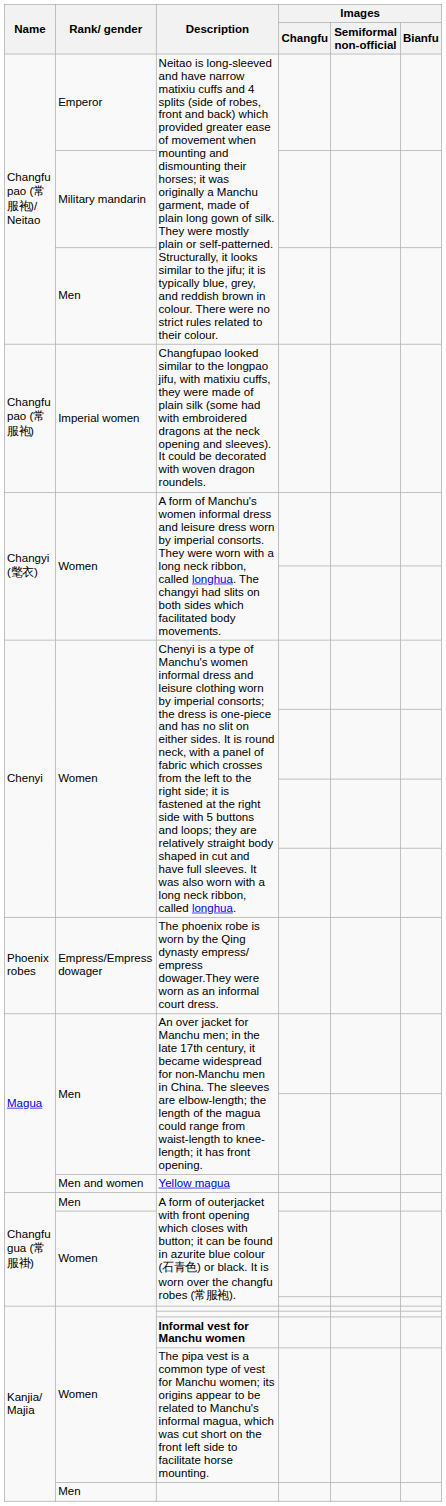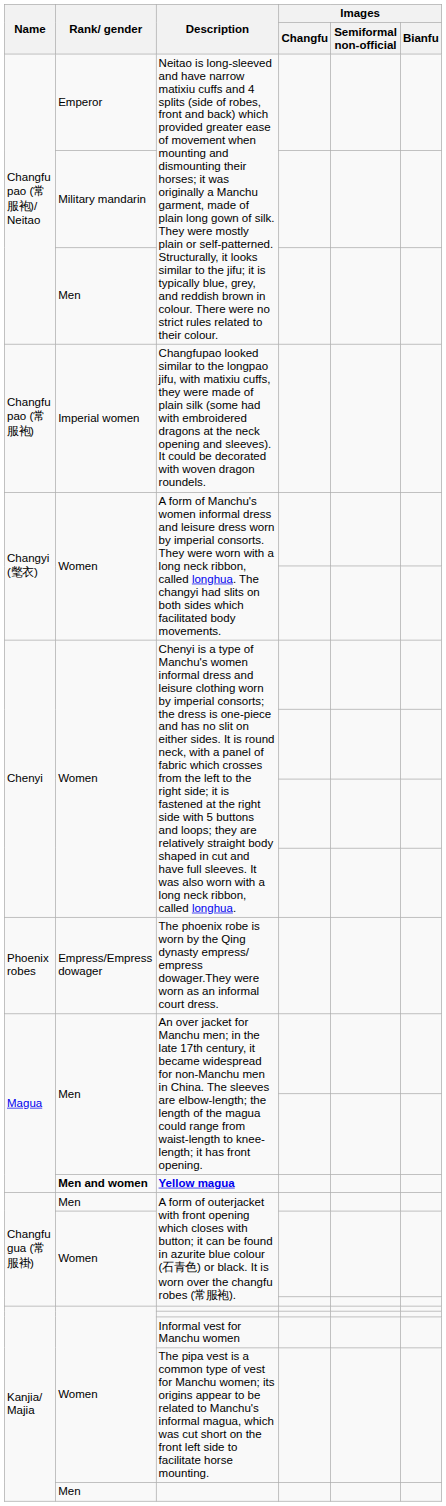 <table class="wikitable">
 <tr>
 <th rowspan="2">Name</th>
 <th rowspan="2">Rank/ gender</th>
 <th rowspan="2">Description</th>
 <th colspan="3">Images</th>
 </tr>
 <tr>
 <th>Changfu</th>
 <th>Semiformal non-official</th>
 <th>Bianfu</th>
 </tr>
 <tr>
 <td rowspan="3">Changfu pao (常服袍)/ Neitao</td>
 <td>Emperor</td>
 <td rowspan="3">Neitao is long-sleeved and have narrow matixiu cuffs and 4 splits (side of robes, front and back) which provided greater ease of movement when mounting and dismounting their horses; it was originally a Manchu garment, made of plain long gown of silk. They were mostly plain or self-patterned. Structurally, it looks similar to the jifu; it is typically blue, grey, and reddish brown in colour. There were no strict rules related to their colour.</td>
 <td></td>
 <td></td>
 <td></td>
 </tr>
 <tr>
 <td>Military mandarin</td>
 <td></td>
 <td></td>
 <td></td>
 </tr>
 <tr>
 <td>Men</td>
 <td></td>
 <td></td>
 <td></td>
 </tr>
 <tr>
 <td>Changfu pao (常服袍)</td>
 <td>Imperial women</td>
 <td>Changfupao looked similar to the longpao jifu, with matixiu cuffs, they were made of plain silk (some had with embroidered dragons at the neck opening and sleeves). It could be decorated with woven dragon roundels.</td>
 <td></td>
 <td></td>
 <td></td>
 </tr>
 <tr>
 <td rowspan="2">Changyi (氅衣)</td>
 <td rowspan="2">Women</td>
 <td rowspan="2">A form of Manchu's women informal dress and leisure dress worn by imperial consorts. They were worn with a long neck ribbon, called <a href='#'>longhua</a>. The changyi had slits on both sides which facilitated body movements.</td>
 <td></td>
 <td></td>
 <td></td>
 </tr>
 <tr>
 <td></td>
 <td></td>
 <td></td>
 </tr>
 <tr>
 <td rowspan="4">Chenyi</td>
 <td rowspan="4">Women</td>
 <td rowspan="4">Chenyi is a type of Manchu's women informal dress and leisure clothing worn by imperial consorts; the dress is one-piece and has no slit on either sides. It is round neck, with a panel of fabric which crosses from the left to the right side; it is fastened at the right side with 5 buttons and loops; they are relatively straight body shaped in cut and have full sleeves. It was also worn with a long neck ribbon, called <a href='#'>longhua</a>.</td>
 <td></td>
 <td></td>
 <td></td>
 </tr>
 <tr>
 <td></td>
 <td></td>
 <td></td>
 </tr>
 <tr>
 <td></td>
 <td></td>
 <td></td>
 </tr>
 <tr>
 <td></td>
 <td></td>
 <td></td>
 </tr>
 <tr>
 <td>Phoenix robes</td>
 <td>Empress/Empress dowager</td>
 <td>The phoenix robe is worn by the Qing dynasty empress/ empress dowager.They were worn as an informal court dress.</td>
 <td></td>
 <td></td>
 <td></td>
 </tr>
 <tr>
 <td rowspan="3"><a href='#'>Magua</a></td>
 <td rowspan="2">Men</td>
 <td rowspan="2">An over jacket for Manchu men; in the late 17th century, it became widespread for non-Manchu men in China. The sleeves are elbow-length; the length of the magua could range from waist-length to knee-length; it has front opening.</td>
 <td></td>
 <td></td>
 <td></td>
 </tr>
 <tr>
 <td></td>
 <td></td>
 <td></td>
 </tr>
 <tr>
-<td>Men and women</td>
-<td><a href='#'>Yellow magua</a></td>
+<td><strong>Men and women</strong></td>
+<td><strong><a href='#'>Yellow magua</a></strong></td>
 <td></td>
 <td></td>
 <td></td>
 </tr>
 <tr>
 <td rowspan="3">Changfu gua (常服褂)</td>
 <td>Men</td>
 <td rowspan="3">A form of outerjacket with front opening which closes with button; it can be found in azurite blue colour (石青色) or black. It is worn over the changfu robes (常服袍).</td>
 <td></td>
 <td></td>
 <td></td>
 </tr>
 <tr>
 <td rowspan="2">Women</td>
 <td></td>
 <td></td>
 <td></td>
 </tr>
 <tr>
 <td></td>
 <td></td>
 <td></td>
 </tr>
 <tr>
 <td rowspan="5">Kanjia/ Majia</td>
 <td rowspan="4">Women</td>
 <td></td>
 <td></td>
 <td></td>
 <td></td>
 </tr>
 <tr>
 <td></td>
 <td></td>
 <td></td>
 <td></td>
 </tr>
 <tr>
-<td><strong>Informal vest for Manchu women</strong></td>
+<td>Informal vest for Manchu women</td>
 <td></td>
 <td></td>
 <td></td>
 </tr>
 <tr>
 <td>The pipa vest is a common type of vest for Manchu women; its origins appear to be related to Manchu's informal magua, which was cut short on the front left side to facilitate horse mounting.</td>
 <td></td>
 <td></td>
 <td></td>
 </tr>
 <tr>
 <td>Men</td>
 <td></td>
 <td></td>
 <td></td>
 <td></td>
 </tr>
 </table>
